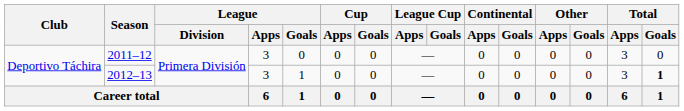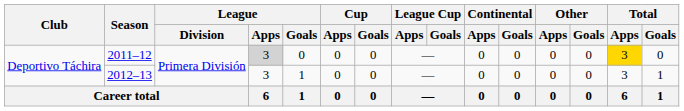 <table class="wikitable" style="text-align:center">
 <tr>
 <th rowspan="2">Club</th>
 <th rowspan="2">Season</th>
 <th colspan="3">League</th>
 <th colspan="2">Cup</th>
 <th colspan="2">League Cup</th>
 <th colspan="2">Continental</th>
 <th colspan="2">Other</th>
 <th colspan="2">Total</th>
 </tr>
 <tr>
 <th>Division</th>
 <th>Apps</th>
 <th>Goals</th>
 <th>Apps</th>
 <th>Goals</th>
 <th>Apps</th>
 <th>Goals</th>
 <th>Apps</th>
 <th>Goals</th>
 <th>Apps</th>
 <th>Goals</th>
 <th>Apps</th>
 <th>Goals</th>
 </tr>
 <tr>
 <td rowspan="2"><a href='#'>Deportivo Táchira</a></td>
 <td><a href='#'>2011–12</a></td>
 <td rowspan="2"><a href='#'>Primera División</a></td>
-<td>3</td>
+<td style="background: lightgrey;">3</td>
 <td>0</td>
 <td>0</td>
 <td>0</td>
 <td colspan="2">—</td>
 <td>0</td>
 <td>0</td>
 <td>0</td>
 <td>0</td>
-<td>3</td>
+<td style="background: gold;">3</td>
 <td>0</td>
 </tr>
 <tr>
 <td><a href='#'>2012–13</a></td>
 <td>3</td>
 <td>1</td>
 <td>0</td>
 <td>0</td>
 <td colspan="2">—</td>
 <td>0</td>
 <td>0</td>
 <td>0</td>
 <td>0</td>
 <td>3</td>
-<td><strong>1</strong></td>
+<td>1</td>
 </tr>
 <tr>
 <th colspan="3">Career total</th>
 <th>6</th>
 <th>1</th>
 <th>0</th>
 <th>0</th>
 <th colspan="2">—</th>
 <th>0</th>
 <th>0</th>
 <th>0</th>
 <th>0</th>
 <th>6</th>
 <th>1</th>
 </tr>
 </table>
